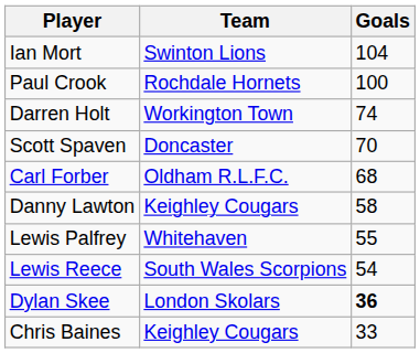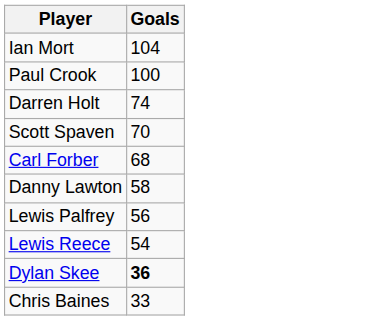 <table class="wikitable" style="text-align:centre; display:inline-table;">
 <tr>
 <th>Player</th>
-<th>Team</th>
 <th>Goals</th>
 </tr>
 <tr>
 <td>Ian Mort</td>
-<td><a href='#'>Swinton Lions</a></td>
 <td>104</td>
 </tr>
 <tr>
 <td>Paul Crook</td>
-<td><a href='#'>Rochdale Hornets</a></td>
 <td>100</td>
 </tr>
 <tr>
 <td>Darren Holt</td>
-<td><a href='#'>Workington Town</a></td>
 <td>74</td>
 </tr>
 <tr>
 <td>Scott Spaven</td>
-<td><a href='#'>Doncaster</a></td>
 <td>70</td>
 </tr>
 <tr>
 <td><a href='#'>Carl Forber</a></td>
-<td><a href='#'>Oldham R.L.F.C.</a></td>
 <td>68</td>
 </tr>
 <tr>
 <td>Danny Lawton</td>
-<td><a href='#'>Keighley Cougars</a></td>
 <td>58</td>
 </tr>
 <tr>
 <td>Lewis Palfrey</td>
-<td><a href='#'>Whitehaven</a></td>
-<td>55</td>
+<td>56</td>
 </tr>
 <tr>
 <td><a href='#'>Lewis Reece</a></td>
-<td><a href='#'>South Wales Scorpions</a></td>
 <td>54</td>
 </tr>
 <tr>
 <td><a href='#'>Dylan Skee</a></td>
-<td><a href='#'>London Skolars</a></td>
 <td><strong>36</strong></td>
 </tr>
 <tr>
 <td>Chris Baines</td>
-<td><a href='#'>Keighley Cougars</a></td>
 <td>33</td>
 </tr>
 </table>
